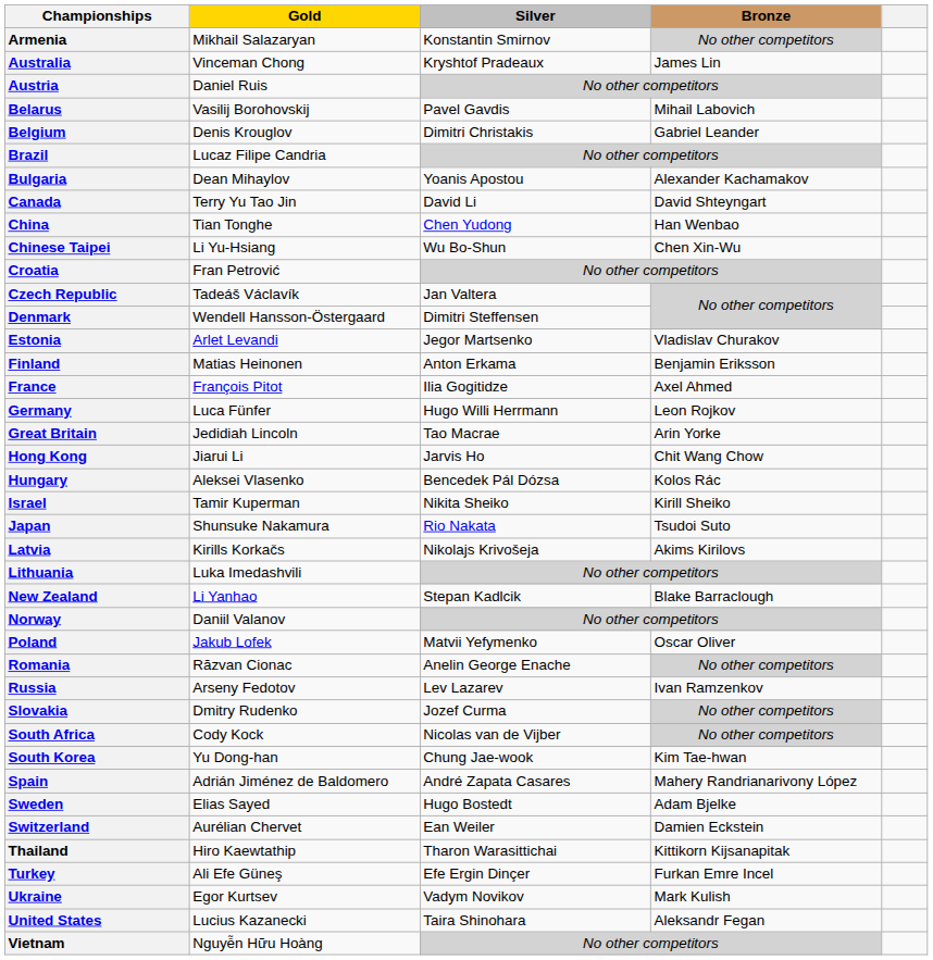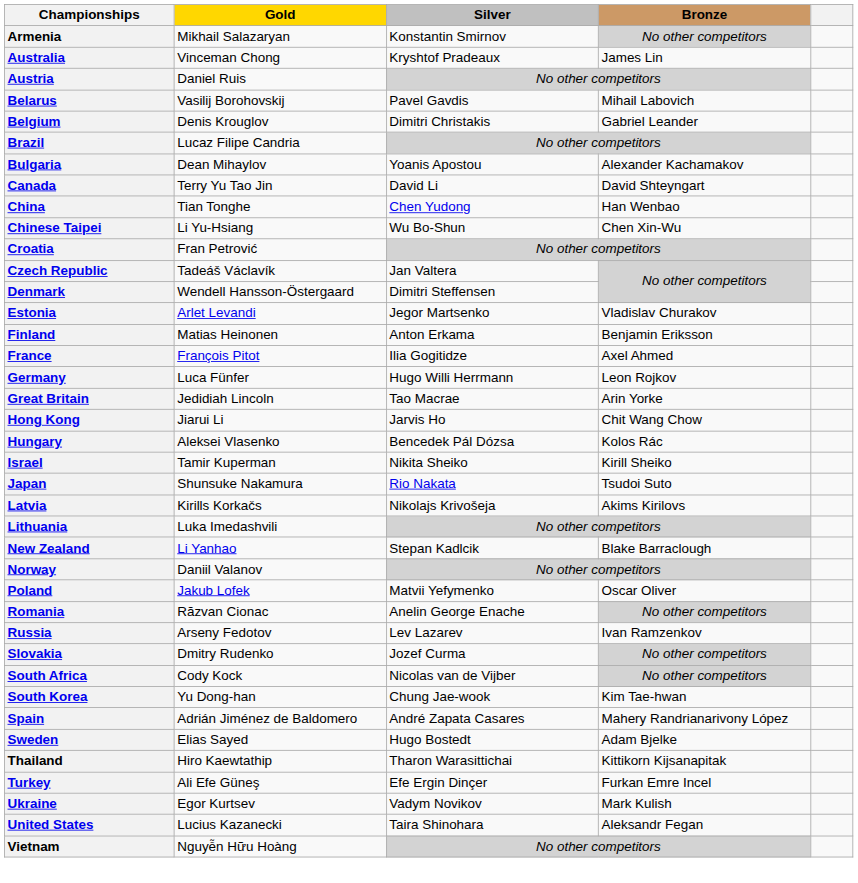 <table class="wikitable unsortable" style="text-align:left; width:80%;">
 <tr>
 <th scope="col" style="text-align:center; width:20%;">Championships</th>
 <td scope="col" style="text-align:center; width:25%; background:gold"><strong>Gold</strong></td>
 <td scope="col" style="text-align:center; width:25%; background:silver"><strong>Silver</strong></td>
 <td scope="col" style="text-align:center; width:25%; background:#c96"><strong>Bronze</strong></td>
 <th scope="col" style="text-align:center; width:5%;"></th>
 </tr>
 <tr>
 <th scope="row" style="text-align:left"> Armenia</th>
 <td>Mikhail Salazaryan</td>
 <td>Konstantin Smirnov</td>
 <td align="center" bgcolor="lightgray"><em>No other competitors</em></td>
 <td></td>
 </tr>
 <tr>
 <th scope="row" style="text-align:left"> <a href='#'>Australia</a></th>
 <td>Vinceman Chong</td>
 <td>Kryshtof Pradeaux</td>
 <td>James Lin</td>
 <td></td>
 </tr>
 <tr>
 <th scope="row" style="text-align:left"> <a href='#'>Austria</a></th>
 <td>Daniel Ruis</td>
 <td colspan="2" align="center" bgcolor="lightgray"><em>No other competitors</em></td>
 <td></td>
 </tr>
 <tr>
 <th scope="row" style="text-align:left"> <a href='#'>Belarus</a></th>
 <td>Vasilij Borohovskij</td>
 <td>Pavel Gavdis</td>
 <td>Mihail Labovich</td>
 <td></td>
 </tr>
 <tr>
 <th scope="row" style="text-align:left"> <a href='#'>Belgium</a></th>
 <td>Denis Krouglov</td>
 <td>Dimitri Christakis</td>
 <td>Gabriel Leander</td>
 <td></td>
 </tr>
 <tr>
 <th scope="row" style="text-align:left"> <a href='#'>Brazil</a></th>
 <td>Lucaz Filipe Candria</td>
 <td colspan="2" align="center" bgcolor="lightgray"><em>No other competitors</em></td>
 <td></td>
 </tr>
 <tr>
 <th scope="row" style="text-align:left"> <a href='#'>Bulgaria</a></th>
 <td>Dean Mihaylov</td>
 <td>Yoanis Apostou</td>
 <td>Alexander Kachamakov</td>
 <td></td>
 </tr>
 <tr>
 <th scope="row" style="text-align:left"> <a href='#'>Canada</a></th>
 <td>Terry Yu Tao Jin</td>
 <td>David Li</td>
 <td>David Shteyngart</td>
 <td></td>
 </tr>
 <tr>
 <th scope="row" style="text-align:left"> <a href='#'>China</a></th>
 <td>Tian Tonghe</td>
 <td><a href='#'>Chen Yudong</a></td>
 <td>Han Wenbao</td>
 <td></td>
 </tr>
 <tr>
 <th scope="row" style="text-align:left"> <a href='#'>Chinese Taipei</a></th>
 <td>Li Yu-Hsiang</td>
 <td>Wu Bo-Shun</td>
 <td>Chen Xin-Wu</td>
 <td></td>
 </tr>
 <tr>
 <th scope="row" style="text-align:left"> <a href='#'>Croatia</a></th>
 <td>Fran Petrović</td>
 <td colspan="2" align="center" bgcolor="lightgray"><em>No other competitors</em></td>
 <td></td>
 </tr>
 <tr>
 <th scope="row" style="text-align:left"> <a href='#'>Czech Republic</a></th>
 <td>Tadeáš Václavík</td>
 <td>Jan Valtera</td>
 <td rowspan="2" align="center" bgcolor="lightgray"><em>No other competitors</em></td>
 <td></td>
 </tr>
 <tr>
 <th scope="row" style="text-align:left"> <a href='#'>Denmark</a></th>
 <td>Wendell Hansson-Östergaard</td>
 <td>Dimitri Steffensen</td>
 <td></td>
 </tr>
 <tr>
 <th scope="row" style="text-align:left"> <a href='#'>Estonia</a></th>
 <td><a href='#'>Arlet Levandi</a></td>
 <td>Jegor Martsenko</td>
 <td>Vladislav Churakov</td>
 <td></td>
 </tr>
 <tr>
 <th scope="row" style="text-align:left"> <a href='#'>Finland</a></th>
 <td>Matias Heinonen</td>
 <td>Anton Erkama</td>
 <td>Benjamin Eriksson</td>
 <td></td>
 </tr>
 <tr>
 <th scope="row" style="text-align:left"> <a href='#'>France</a></th>
 <td><a href='#'>François Pitot</a></td>
 <td>Ilia Gogitidze</td>
 <td>Axel Ahmed</td>
 <td></td>
 </tr>
 <tr>
 <th scope="row" style="text-align:left"> <a href='#'>Germany</a></th>
 <td>Luca Fünfer</td>
 <td>Hugo Willi Herrmann</td>
 <td>Leon Rojkov</td>
 <td></td>
 </tr>
 <tr>
 <th scope="row" style="text-align:left"> <a href='#'>Great Britain</a></th>
 <td>Jedidiah Lincoln</td>
 <td>Tao Macrae</td>
 <td>Arin Yorke</td>
 <td></td>
 </tr>
 <tr>
 <th scope="row" style="text-align:left"> <a href='#'>Hong Kong</a></th>
 <td>Jiarui Li</td>
 <td>Jarvis Ho</td>
 <td>Chit Wang Chow</td>
 <td></td>
 </tr>
 <tr>
 <th scope="row" style="text-align:left"> <a href='#'>Hungary</a></th>
 <td>Aleksei Vlasenko</td>
 <td>Bencedek Pál Dózsa</td>
 <td>Kolos Rác</td>
 <td></td>
 </tr>
 <tr>
 <th scope="row" style="text-align:left"> <a href='#'>Israel</a></th>
 <td>Tamir Kuperman</td>
 <td>Nikita Sheiko</td>
 <td>Kirill Sheiko</td>
 <td></td>
 </tr>
 <tr>
 <th scope="row" style="text-align:left"> <a href='#'>Japan</a></th>
 <td>Shunsuke Nakamura</td>
 <td><a href='#'>Rio Nakata</a></td>
 <td>Tsudoi Suto</td>
 <td></td>
 </tr>
 <tr>
 <th scope="row" style="text-align:left"> <a href='#'>Latvia</a></th>
 <td>Kirills Korkačs</td>
 <td>Nikolajs Krivošeja</td>
 <td>Akims Kirilovs</td>
 <td></td>
 </tr>
 <tr>
 <th scope="row" style="text-align:left"> <a href='#'>Lithuania</a></th>
 <td>Luka Imedashvili</td>
 <td colspan="2" align="center" bgcolor="lightgray"><em>No other competitors</em></td>
 <td></td>
 </tr>
 <tr>
 <th scope="row" style="text-align:left"> <a href='#'>New Zealand</a></th>
 <td><a href='#'>Li Yanhao</a></td>
 <td>Stepan Kadlcik</td>
 <td>Blake Barraclough</td>
 <td></td>
 </tr>
 <tr>
 <th scope="row" style="text-align:left"> <a href='#'>Norway</a></th>
 <td>Daniil Valanov</td>
 <td colspan="2" align="center" bgcolor="lightgray"><em>No other competitors</em></td>
 <td></td>
 </tr>
 <tr>
 <th scope="row" style="text-align:left"> <a href='#'>Poland</a></th>
 <td><a href='#'>Jakub Lofek</a></td>
 <td>Matvii Yefymenko</td>
 <td>Oscar Oliver</td>
 <td></td>
 </tr>
 <tr>
 <th scope="row" style="text-align:left"> <a href='#'>Romania</a></th>
 <td>Răzvan Cionac</td>
 <td>Anelin George Enache</td>
 <td align="center" bgcolor="lightgray"><em>No other competitors</em></td>
 <td></td>
 </tr>
 <tr>
 <th scope="row" style="text-align:left"> <a href='#'>Russia</a></th>
 <td>Arseny Fedotov</td>
 <td>Lev Lazarev</td>
 <td>Ivan Ramzenkov</td>
 <td></td>
 </tr>
 <tr>
 <th scope="row" style="text-align:left"> <a href='#'>Slovakia</a></th>
 <td>Dmitry Rudenko</td>
 <td>Jozef Curma</td>
 <td align="center" bgcolor="lightgray"><em>No other competitors</em></td>
 <td></td>
 </tr>
 <tr>
 <th scope="row" style="text-align:left"> <a href='#'>South Africa</a></th>
 <td>Cody Kock</td>
 <td>Nicolas van de Vijber</td>
 <td align="center" bgcolor="lightgray"><em>No other competitors</em></td>
 <td></td>
 </tr>
 <tr>
 <th scope="row" style="text-align:left"> <a href='#'>South Korea</a></th>
 <td>Yu Dong-han</td>
 <td>Chung Jae-wook</td>
 <td>Kim Tae-hwan</td>
 <td></td>
 </tr>
 <tr>
 <th scope="row" style="text-align:left"> <a href='#'>Spain</a></th>
 <td>Adrián Jiménez de Baldomero</td>
 <td>André Zapata Casares</td>
 <td>Mahery Randrianarivony López</td>
 <td></td>
 </tr>
 <tr>
 <th scope="row" style="text-align:left"> <a href='#'>Sweden</a></th>
 <td>Elias Sayed</td>
 <td>Hugo Bostedt</td>
 <td>Adam Bjelke</td>
 <td></td>
 </tr>
 <tr>
-<th scope="row" style="text-align:left"> <a href='#'>Switzerland</a></th>
-<td>Aurélian Chervet</td>
-<td>Ean Weiler</td>
-<td>Damien Eckstein</td>
-<td></td>
-</tr>
-<tr>
 <th scope="row" style="text-align:left"> Thailand</th>
 <td>Hiro Kaewtathip</td>
 <td>Tharon Warasittichai</td>
 <td>Kittikorn Kijsanapitak</td>
 <td></td>
 </tr>
 <tr>
 <th scope="row" style="text-align:left"> <a href='#'>Turkey</a></th>
 <td>Ali Efe Güneş</td>
 <td>Efe Ergin Dinçer</td>
 <td>Furkan Emre Incel</td>
 <td></td>
 </tr>
 <tr>
 <th scope="row" style="text-align:left"> <a href='#'>Ukraine</a></th>
 <td>Egor Kurtsev</td>
 <td>Vadym Novikov</td>
 <td>Mark Kulish</td>
 <td></td>
 </tr>
 <tr>
 <th scope="row" style="text-align:left"> <a href='#'>United States</a></th>
 <td>Lucius Kazanecki</td>
 <td>Taira Shinohara</td>
 <td>Aleksandr Fegan</td>
 <td></td>
 </tr>
 <tr>
 <th scope="row" style="text-align:left"> Vietnam</th>
 <td>Nguyễn Hữu Hoàng</td>
 <td colspan=2 align="center" bgcolor="lightgray"><em>No other competitors</em></td>
 <td></td>
 </tr>
 </table>
